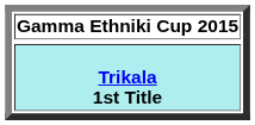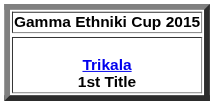 <table border="6" style="text-align:center;margin: 0 auto;">
 <tr>
 <th>Gamma Ethniki Cup 2015</th>
 </tr>
 <tr>
 </tr>
 <tr>
-<td style="background: paleturquoise;"><br><strong><a href='#'>Trikala</a></strong><br><strong>1st Title</strong></td>
+<td><br><strong><a href='#'>Trikala</a></strong><br><strong>1st Title</strong></td>
 </tr>
 </table>
